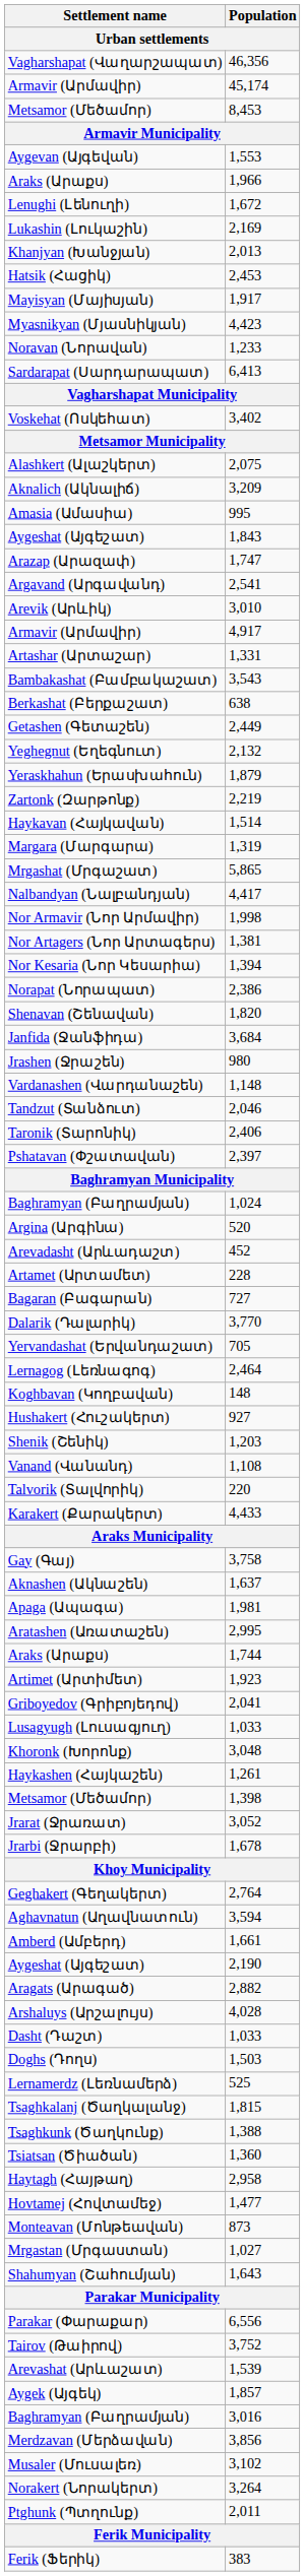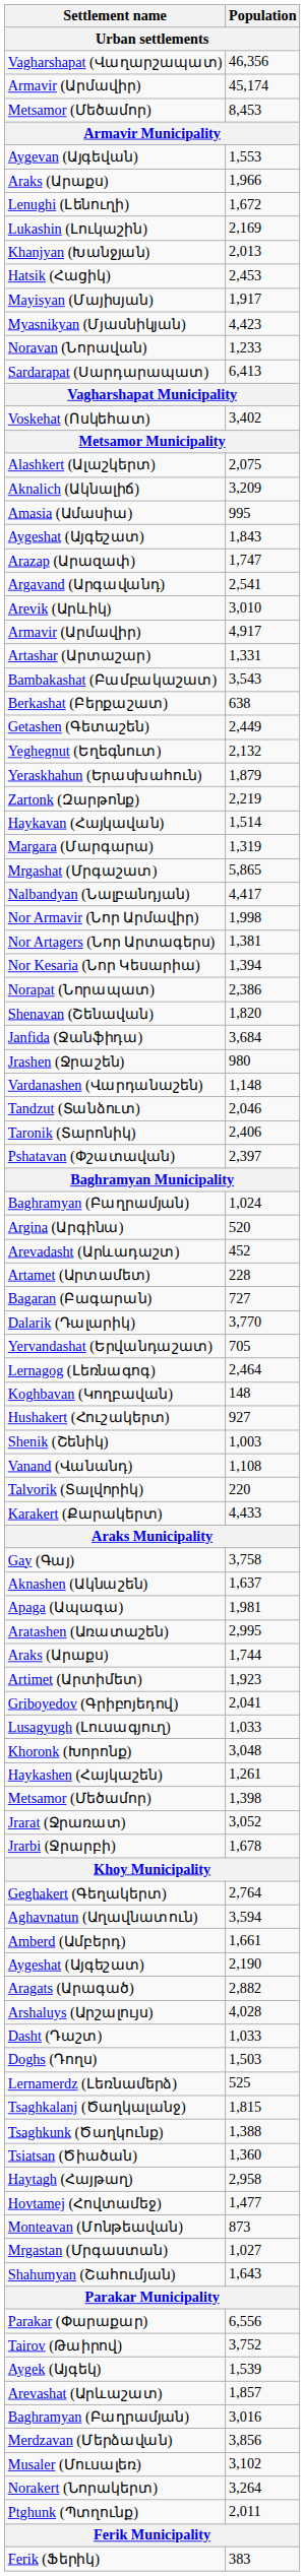 <table class="wikitable">
 <tr>
 <th>Settlement name</th>
 <th>Population</th>
 </tr>
 <tr>
 <th colspan="2">Urban settlements</th>
 </tr>
 <tr>
 <td><a href='#'>Vagharshapat</a> (Վաղարշապատ)</td>
 <td>46,356</td>
 </tr>
 <tr>
 <td><a href='#'>Armavir</a> (Արմավիր)</td>
 <td>45,174</td>
 </tr>
 <tr>
 <td><a href='#'>Metsamor</a> (Մեծամոր)</td>
 <td>8,453</td>
 </tr>
 <tr>
 <th colspan="2"><a href='#'>Armavir Municipality</a></th>
 </tr>
 <tr>
 <td><a href='#'>Aygevan</a> (Այգեվան)</td>
 <td>1,553</td>
 </tr>
 <tr>
 <td><a href='#'>Araks</a> (Արաքս)</td>
 <td>1,966</td>
 </tr>
 <tr>
 <td><a href='#'>Lenughi</a> (Լենուղի)</td>
 <td>1,672</td>
 </tr>
 <tr>
 <td><a href='#'>Lukashin</a> (Լուկաշին)</td>
 <td>2,169</td>
 </tr>
 <tr>
 <td><a href='#'>Khanjyan</a> (Խանջյան)</td>
 <td>2,013</td>
 </tr>
 <tr>
 <td><a href='#'>Hatsik</a> (Հացիկ)</td>
 <td>2,453</td>
 </tr>
 <tr>
 <td><a href='#'>Mayisyan</a> (Մայիսյան)</td>
 <td>1,917</td>
 </tr>
 <tr>
 <td><a href='#'>Myasnikyan</a> (Մյասնիկյան)</td>
 <td>4,423</td>
 </tr>
 <tr>
 <td><a href='#'>Noravan</a> (Նորավան)</td>
 <td>1,233</td>
 </tr>
 <tr>
 <td><a href='#'>Sardarapat</a> (Սարդարապատ)</td>
 <td>6,413</td>
 </tr>
 <tr>
 <th colspan="2"><a href='#'>Vagharshapat Municipality</a></th>
 </tr>
 <tr>
 <td><a href='#'>Voskehat</a> (Ոսկեհատ)</td>
 <td>3,402</td>
 </tr>
 <tr>
 <th colspan="2"><a href='#'>Metsamor Municipality</a></th>
 </tr>
 <tr>
 <td><a href='#'>Alashkert</a> (Ալաշկերտ)</td>
 <td>2,075</td>
 </tr>
 <tr>
 <td><a href='#'>Aknalich</a> (Ակնալիճ)</td>
 <td>3,209</td>
 </tr>
 <tr>
 <td><a href='#'>Amasia</a> (Ամասիա)</td>
 <td>995</td>
 </tr>
 <tr>
 <td><a href='#'>Aygeshat</a> (Այգեշատ)</td>
 <td>1,843</td>
 </tr>
 <tr>
 <td><a href='#'>Arazap</a> (Արազափ)</td>
 <td>1,747</td>
 </tr>
 <tr>
 <td><a href='#'>Argavand</a> (Արգավանդ)</td>
 <td>2,541</td>
 </tr>
 <tr>
 <td><a href='#'>Arevik</a> (Արևիկ)</td>
 <td>3,010</td>
 </tr>
 <tr>
 <td><a href='#'>Armavir</a> (Արմավիր)</td>
 <td>4,917</td>
 </tr>
 <tr>
 <td><a href='#'>Artashar</a> (Արտաշար)</td>
 <td>1,331</td>
 </tr>
 <tr>
 <td><a href='#'>Bambakashat</a> (Բամբակաշատ)</td>
 <td>3,543</td>
 </tr>
 <tr>
 <td><a href='#'>Berkashat</a> (Բերքաշատ)</td>
 <td>638</td>
 </tr>
 <tr>
 <td><a href='#'>Getashen</a> (Գետաշեն)</td>
 <td>2,449</td>
 </tr>
 <tr>
 <td><a href='#'>Yeghegnut</a> (Եղեգնուտ)</td>
 <td>2,132</td>
 </tr>
 <tr>
 <td><a href='#'>Yeraskhahun</a> (Երասխահուն)</td>
 <td>1,879</td>
 </tr>
 <tr>
 <td><a href='#'>Zartonk</a> (Զարթոնք)</td>
 <td>2,219</td>
 </tr>
 <tr>
 <td><a href='#'>Haykavan</a> (Հայկավան)</td>
 <td>1,514</td>
 </tr>
 <tr>
 <td><a href='#'>Margara</a> (Մարգարա)</td>
 <td>1,319</td>
 </tr>
 <tr>
 <td><a href='#'>Mrgashat</a> (Մրգաշատ)</td>
 <td>5,865</td>
 </tr>
 <tr>
 <td><a href='#'>Nalbandyan</a> (Նալբանդյան)</td>
 <td>4,417</td>
 </tr>
 <tr>
 <td><a href='#'>Nor Armavir</a> (Նոր Արմավիր)</td>
 <td>1,998</td>
 </tr>
 <tr>
 <td><a href='#'>Nor Artagers</a> (Նոր Արտագերս)</td>
 <td>1,381</td>
 </tr>
 <tr>
 <td><a href='#'>Nor Kesaria</a> (Նոր Կեսարիա)</td>
 <td>1,394</td>
 </tr>
 <tr>
 <td><a href='#'>Norapat</a> (Նորապատ)</td>
 <td>2,386</td>
 </tr>
 <tr>
 <td><a href='#'>Shenavan</a> (Շենավան)</td>
 <td>1,820</td>
 </tr>
 <tr>
 <td><a href='#'>Janfida</a> (Ջանֆիդա)</td>
 <td>3,684</td>
 </tr>
 <tr>
 <td><a href='#'>Jrashen</a> (Ջրաշեն)</td>
 <td>980</td>
 </tr>
 <tr>
 <td><a href='#'>Vardanashen</a> (Վարդանաշեն)</td>
 <td>1,148</td>
 </tr>
 <tr>
 <td><a href='#'>Tandzut</a> (Տանձուտ)</td>
 <td>2,046</td>
 </tr>
 <tr>
 <td><a href='#'>Taronik</a> (Տարոնիկ)</td>
 <td>2,406</td>
 </tr>
 <tr>
 <td><a href='#'>Pshatavan</a> (Փշատավան)</td>
 <td>2,397</td>
 </tr>
 <tr>
 <th colspan="2"><a href='#'>Baghramyan Municipality</a></th>
 </tr>
 <tr>
 <td><a href='#'>Baghramyan</a> (Բաղրամյան)</td>
 <td>1,024</td>
 </tr>
 <tr>
 <td><a href='#'>Argina</a> (Արգինա)</td>
 <td>520</td>
 </tr>
 <tr>
 <td><a href='#'>Arevadasht</a> (Արևադաշտ)</td>
 <td>452</td>
 </tr>
 <tr>
 <td><a href='#'>Artamet</a> (Արտամետ)</td>
 <td>228</td>
 </tr>
 <tr>
 <td><a href='#'>Bagaran</a> (Բագարան)</td>
 <td>727</td>
 </tr>
 <tr>
 <td><a href='#'>Dalarik</a> (Դալարիկ)</td>
 <td>3,770</td>
 </tr>
 <tr>
 <td><a href='#'>Yervandashat</a> (Երվանդաշատ)</td>
 <td>705</td>
 </tr>
 <tr>
 <td><a href='#'>Lernagog</a> (Լեռնագոգ)</td>
 <td>2,464</td>
 </tr>
 <tr>
 <td><a href='#'>Koghbavan</a> (Կողբավան)</td>
 <td>148</td>
 </tr>
 <tr>
 <td><a href='#'>Hushakert</a> (Հուշակերտ)</td>
 <td>927</td>
 </tr>
 <tr>
 <td><a href='#'>Shenik</a> (Շենիկ)</td>
-<td>1,203</td>
+<td>1,003</td>
 </tr>
 <tr>
 <td><a href='#'>Vanand</a> (Վանանդ)</td>
 <td>1,108</td>
 </tr>
 <tr>
 <td><a href='#'>Talvorik</a> (Տալվորիկ)</td>
 <td>220</td>
 </tr>
 <tr>
 <td><a href='#'>Karakert</a> (Քարակերտ)</td>
 <td>4,433</td>
 </tr>
 <tr>
 <th colspan="2"><a href='#'>Araks Municipality</a></th>
 </tr>
 <tr>
 <td><a href='#'>Gay</a> (Գայ)</td>
 <td>3,758</td>
 </tr>
 <tr>
 <td><a href='#'>Aknashen</a> (Ակնաշեն)</td>
 <td>1,637</td>
 </tr>
 <tr>
 <td><a href='#'>Apaga</a> (Ապագա)</td>
 <td>1,981</td>
 </tr>
 <tr>
 <td><a href='#'>Aratashen</a> (Առատաշեն)</td>
 <td>2,995</td>
 </tr>
 <tr>
 <td><a href='#'>Araks</a> (Արաքս)</td>
 <td>1,744</td>
 </tr>
 <tr>
 <td><a href='#'>Artimet</a> (Արտիմետ)</td>
 <td>1,923</td>
 </tr>
 <tr>
 <td><a href='#'>Griboyedov</a> (Գրիբոյեդով)</td>
 <td>2,041</td>
 </tr>
 <tr>
 <td><a href='#'>Lusagyugh</a> (Լուսագյուղ)</td>
 <td>1,033</td>
 </tr>
 <tr>
 <td><a href='#'>Khoronk</a> (Խորոնք)</td>
 <td>3,048</td>
 </tr>
 <tr>
 <td><a href='#'>Haykashen</a> (Հայկաշեն)</td>
 <td>1,261</td>
 </tr>
 <tr>
 <td><a href='#'>Metsamor</a> (Մեծամոր)</td>
 <td>1,398</td>
 </tr>
 <tr>
 <td><a href='#'>Jrarat</a> (Ջրառատ)</td>
 <td>3,052</td>
 </tr>
 <tr>
 <td><a href='#'>Jrarbi</a> (Ջրարբի)</td>
 <td>1,678</td>
 </tr>
 <tr>
 <th colspan="2"><a href='#'>Khoy Municipality</a></th>
 </tr>
 <tr>
 <td><a href='#'>Geghakert</a> (Գեղակերտ)</td>
 <td>2,764</td>
 </tr>
 <tr>
 <td><a href='#'>Aghavnatun</a> (Աղավնատուն)</td>
 <td>3,594</td>
 </tr>
 <tr>
 <td><a href='#'>Amberd</a> (Ամբերդ)</td>
 <td>1,661</td>
 </tr>
 <tr>
 <td><a href='#'>Aygeshat</a> (Այգեշատ)</td>
 <td>2,190</td>
 </tr>
 <tr>
 <td><a href='#'>Aragats</a> (Արագած)</td>
 <td>2,882</td>
 </tr>
 <tr>
 <td><a href='#'>Arshaluys</a> (Արշալույս)</td>
 <td>4,028</td>
 </tr>
 <tr>
 <td><a href='#'>Dasht</a> (Դաշտ)</td>
 <td>1,033</td>
 </tr>
 <tr>
 <td><a href='#'>Doghs</a> (Դողս)</td>
 <td>1,503</td>
 </tr>
 <tr>
 <td><a href='#'>Lernamerdz</a> (Լեռնամերձ)</td>
 <td>525</td>
 </tr>
 <tr>
 <td><a href='#'>Tsaghkalanj</a> (Ծաղկալանջ)</td>
 <td>1,815</td>
 </tr>
 <tr>
 <td><a href='#'>Tsaghkunk</a> (Ծաղկունք)</td>
 <td>1,388</td>
 </tr>
 <tr>
 <td><a href='#'>Tsiatsan</a> (Ծիածան)</td>
 <td>1,360</td>
 </tr>
 <tr>
 <td><a href='#'>Haytagh</a> (Հայթաղ)</td>
 <td>2,958</td>
 </tr>
 <tr>
 <td><a href='#'>Hovtamej</a> (Հովտամեջ)</td>
 <td>1,477</td>
 </tr>
 <tr>
 <td><a href='#'>Monteavan</a> (Մոնթեավան)</td>
 <td>873</td>
 </tr>
 <tr>
 <td><a href='#'>Mrgastan</a> (Մրգաստան)</td>
 <td>1,027</td>
 </tr>
 <tr>
 <td><a href='#'>Shahumyan</a> (Շահումյան)</td>
 <td>1,643</td>
 </tr>
 <tr>
 <th colspan="2"><a href='#'>Parakar Municipality</a></th>
 </tr>
 <tr>
 <td><a href='#'>Parakar</a> (Փարաքար)</td>
 <td>6,556</td>
 </tr>
 <tr>
 <td><a href='#'>Tairov</a> (Թաիրով)</td>
 <td>3,752</td>
 </tr>
 <tr>
-<td><a href='#'>Arevashat</a> (Արևաշատ)</td>
+<td><a href='#'>Aygek</a> (Այգեկ)</td>
 <td>1,539</td>
 </tr>
 <tr>
-<td><a href='#'>Aygek</a> (Այգեկ)</td>
+<td><a href='#'>Arevashat</a> (Արևաշատ)</td>
 <td>1,857</td>
 </tr>
 <tr>
 <td><a href='#'>Baghramyan</a> (Բաղրամյան)</td>
 <td>3,016</td>
 </tr>
 <tr>
 <td><a href='#'>Merdzavan</a> (Մերձավան)</td>
 <td>3,856</td>
 </tr>
 <tr>
 <td><a href='#'>Musaler</a> (Մուսալեռ)</td>
 <td>3,102</td>
 </tr>
 <tr>
 <td><a href='#'>Norakert</a> (Նորակերտ)</td>
 <td>3,264</td>
 </tr>
 <tr>
 <td><a href='#'>Ptghunk</a> (Պտղունք)</td>
 <td>2,011</td>
 </tr>
 <tr>
 <th colspan="2"><a href='#'>Ferik Municipality</a></th>
 </tr>
 <tr>
 <td><a href='#'>Ferik</a> (Ֆերիկ)</td>
 <td>383</td>
 </tr>
 </table>
